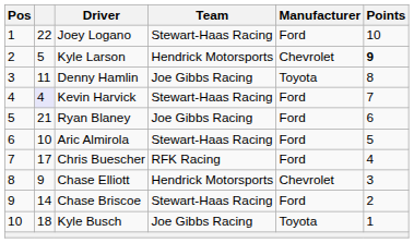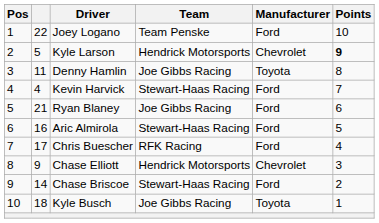 <table class="wikitable" style="font-size:98%">
 <tr>
 <th>Pos</th>
 <th></th>
 <th>Driver</th>
 <th>Team</th>
 <th>Manufacturer</th>
 <th>Points</th>
 </tr>
 <tr>
 <td>1</td>
 <td>22</td>
 <td>Joey Logano</td>
-<td>Stewart-Haas Racing</td>
+<td>Team Penske</td>
 <td>Ford</td>
 <td>10</td>
 </tr>
 <tr>
 <td>2</td>
 <td>5</td>
 <td>Kyle Larson</td>
 <td>Hendrick Motorsports</td>
 <td>Chevrolet</td>
 <td><strong>9</strong></td>
 </tr>
 <tr>
 <td>3</td>
 <td>11</td>
 <td>Denny Hamlin</td>
 <td>Joe Gibbs Racing</td>
 <td>Toyota</td>
 <td>8</td>
 </tr>
 <tr>
 <td>4</td>
-<td style="background: lavender;">4</td>
+<td>4</td>
 <td>Kevin Harvick</td>
 <td>Stewart-Haas Racing</td>
 <td>Ford</td>
 <td>7</td>
 </tr>
 <tr>
 <td>5</td>
 <td>21</td>
 <td>Ryan Blaney</td>
 <td>Joe Gibbs Racing</td>
 <td>Ford</td>
 <td>6</td>
 </tr>
 <tr>
 <td>6</td>
-<td>10</td>
+<td>16</td>
 <td>Aric Almirola</td>
 <td>Stewart-Haas Racing</td>
 <td>Ford</td>
 <td>5</td>
 </tr>
 <tr>
 <td>7</td>
 <td>17</td>
 <td>Chris Buescher</td>
 <td>RFK Racing</td>
 <td>Ford</td>
 <td>4</td>
 </tr>
 <tr>
 <td>8</td>
 <td>9</td>
 <td>Chase Elliott</td>
 <td>Hendrick Motorsports</td>
 <td>Chevrolet</td>
 <td>3</td>
 </tr>
 <tr>
 <td>9</td>
 <td>14</td>
 <td>Chase Briscoe</td>
 <td>Stewart-Haas Racing</td>
 <td>Ford</td>
 <td>2</td>
 </tr>
 <tr>
 <td>10</td>
 <td>18</td>
 <td>Kyle Busch</td>
 <td>Joe Gibbs Racing</td>
 <td>Toyota</td>
 <td>1</td>
 </tr>
 <tr>
 <th colspan="6"></th>
 </tr>
 </table>
